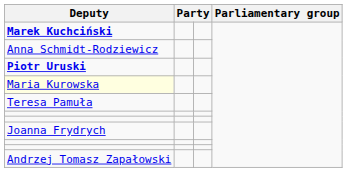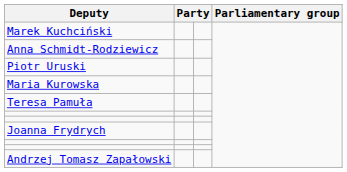 <table class="wikitable">
 <tr>
 <th>Deputy</th>
 <th colspan="2">Party</th>
 <th colspan="2">Parliamentary group</th>
 </tr>
 <tr>
-<td><strong><a href='#'>Marek Kuchciński</a></strong></td>
+<td><a href='#'>Marek Kuchciński</a></td>
 <td></td>
 <td></td>
 </tr>
 <tr>
 <td><a href='#'>Anna Schmidt-Rodziewicz</a></td>
 <td></td>
 <td></td>
 </tr>
 <tr>
-<td><strong><a href='#'>Piotr Uruski</a></strong></td>
+<td><a href='#'>Piotr Uruski</a></td>
 <td></td>
 <td></td>
 </tr>
 <tr>
-<td style="background: lightyellow;"><a href='#'>Maria Kurowska</a></td>
+<td><a href='#'>Maria Kurowska</a></td>
 <td></td>
 <td></td>
 </tr>
 <tr>
 <td><a href='#'>Teresa Pamuła</a></td>
 <td></td>
 <td></td>
 </tr>
 <tr>
 <td></td>
 <td></td>
 <td></td>
 </tr>
 <tr>
 <td></td>
 <td></td>
 <td></td>
 </tr>
 <tr>
 <td><a href='#'>Joanna Frydrych</a></td>
 <td></td>
 <td></td>
 </tr>
 <tr>
 <td></td>
 <td></td>
 <td></td>
 </tr>
 <tr>
 <td></td>
 <td></td>
 <td></td>
 </tr>
 <tr>
 <td><a href='#'>Andrzej Tomasz Zapałowski</a></td>
 <td></td>
 <td></td>
 </tr>
 </table>
